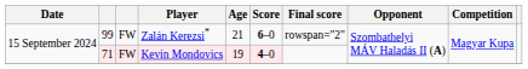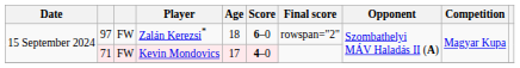 <table class="wikitable sortable" style="text-align:center; font-size:95%;">
 <tr>
 <th>Date</th>
 <th></th>
 <th></th>
 <th>Player</th>
 <th>Age</th>
 <th>Score</th>
 <th>Final score</th>
 <th>Opponent</th>
 <th>Competition</th>
 <th class="unsortable"></th>
 </tr>
 <tr>
 <td rowspan="2" data-sort-value="1">15 September 2024</td>
-<td>99</td>
+<td>97</td>
 <td>FW</td>
 <td style="text-align:left;" data-sort-value="Kerezsi"> <a href='#'>Zalán Kerezsi</a><sup>*</sup></td>
-<td>21</td>
+<td>18</td>
 <td><strong>6</strong>–0</td>
 <td>rowspan="2" </td>
 <td rowspan="2" style="text-align:left;"><a href='#'>Szombathelyi<br>MÁV Haladás II</a> (<strong>A</strong>)</td>
 <td rowspan="2" style="text-align:left;"><a href='#'>Magyar Kupa</a></td>
 <td rowspan="2"></td>
 </tr>
 <tr bgcolor="#ffe9ec">
 <td>71</td>
 <td>FW</td>
 <td style="text-align:left;" data-sort-value="Mondovics"> <a href='#'>Kevin Mondovics</a></td>
-<td>19</td>
+<td>17</td>
 <td><strong>4</strong>–0</td>
 </tr>
 <tr>
 </tr>
 </table>
